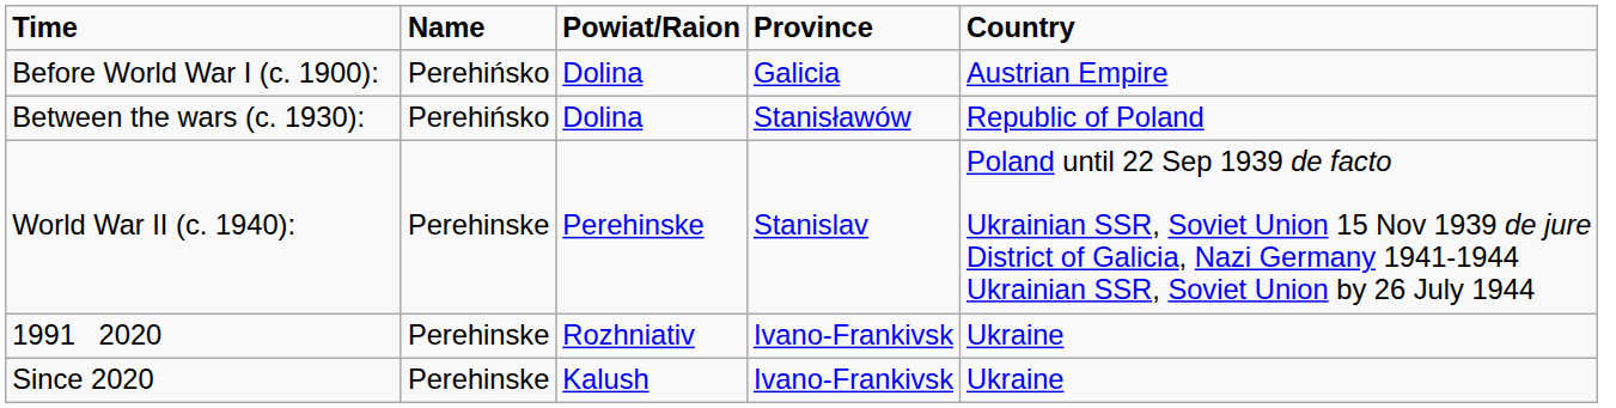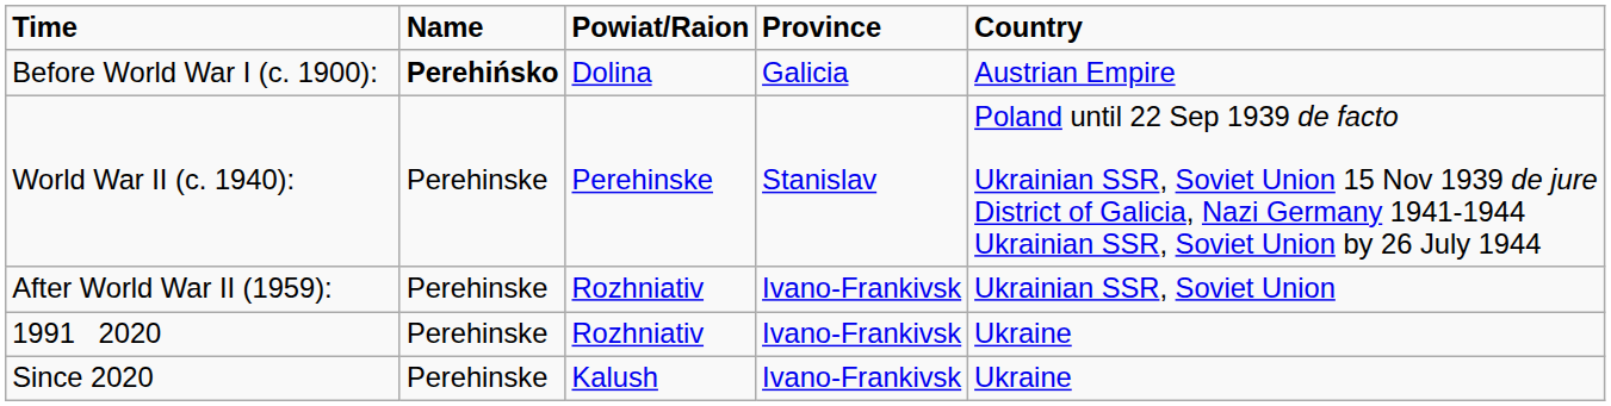 <table class="wikitable" |>
 <tr>
 <td><strong>Time</strong></td>
 <td><strong>Name</strong></td>
 <td><strong>Powiat/Raion</strong></td>
 <td><strong>Province</strong></td>
 <td><strong>Country</strong></td>
 </tr>
 <tr>
 <td>Before World War I (c. 1900):  </td>
-<td>Perehińsko</td>
+<td><strong>Perehińsko</strong></td>
 <td><a href='#'>Dolina</a></td>
 <td><a href='#'>Galicia</a></td>
 <td><a href='#'>Austrian Empire</a></td>
-</tr>
-<tr>
-<td>Between the wars (c. 1930):  </td>
-<td>Perehińsko</td>
-<td><a href='#'>Dolina</a></td>
-<td><a href='#'>Stanisławów</a></td>
-<td><a href='#'>Republic of Poland</a></td>
 </tr>
 <tr>
 <td>World War II (c. 1940):  </td>
 <td>Perehinske</td>
 <td><a href='#'>Perehinske</a></td>
 <td><a href='#'>Stanislav</a></td>
 <td><a href='#'>Poland</a> until 22 Sep 1939 <em>de facto</em><br><br><a href='#'>Ukrainian SSR</a>, <a href='#'>Soviet Union</a> 15 Nov 1939 <em>de jure</em><br> <a href='#'>District of Galicia</a>, <a href='#'>Nazi Germany</a> 1941-1944<br> <a href='#'>Ukrainian SSR</a>, <a href='#'>Soviet Union</a> by 26 July 1944</td>
+</tr>
+<tr>
+<td>After World War II (1959):  </td>
+<td>Perehinske</td>
+<td><a href='#'>Rozhniativ</a></td>
+<td><a href='#'>Ivano-Frankivsk</a></td>
+<td><a href='#'>Ukrainian SSR</a>, <a href='#'>Soviet Union</a></td>
 </tr>
 <tr>
 <td>1991   2020</td>
 <td>Perehinske</td>
 <td><a href='#'>Rozhniativ</a></td>
 <td><a href='#'>Ivano-Frankivsk</a></td>
 <td><a href='#'>Ukraine</a></td>
 </tr>
 <tr>
 <td>Since 2020</td>
 <td>Perehinske</td>
 <td><a href='#'>Kalush</a></td>
 <td><a href='#'>Ivano-Frankivsk</a></td>
 <td><a href='#'>Ukraine</a></td>
 </tr>
 </table>
